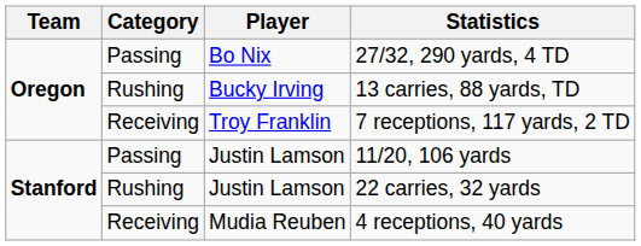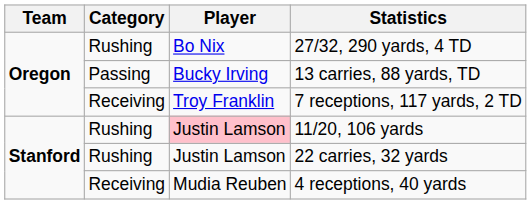 <table class="wikitable" style="float: right;">
 <tr>
 <th>Team</th>
 <th>Category</th>
 <th>Player</th>
 <th>Statistics</th>
 </tr>
 <tr>
 <td rowspan=3><strong>Oregon</strong></td>
-<td>Passing</td>
+<td>Rushing</td>
 <td><a href='#'>Bo Nix</a></td>
 <td>27/32, 290 yards, 4 TD</td>
 </tr>
 <tr>
-<td>Rushing</td>
+<td>Passing</td>
 <td><a href='#'>Bucky Irving</a></td>
 <td>13 carries, 88 yards, TD</td>
 </tr>
 <tr>
 <td>Receiving</td>
 <td><a href='#'>Troy Franklin</a></td>
 <td>7 receptions, 117 yards, 2 TD</td>
 </tr>
 <tr>
 <td rowspan=3><strong>Stanford</strong></td>
-<td>Passing</td>
-<td>Justin Lamson</td>
+<td>Rushing</td>
+<td style="background: pink;">Justin Lamson</td>
 <td>11/20, 106 yards</td>
 </tr>
 <tr>
 <td>Rushing</td>
 <td>Justin Lamson</td>
 <td>22 carries, 32 yards</td>
 </tr>
 <tr>
 <td>Receiving</td>
 <td>Mudia Reuben</td>
 <td>4 receptions, 40 yards</td>
 </tr>
 </table>
